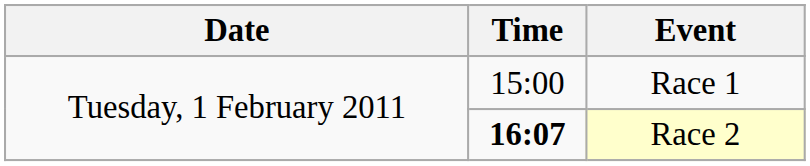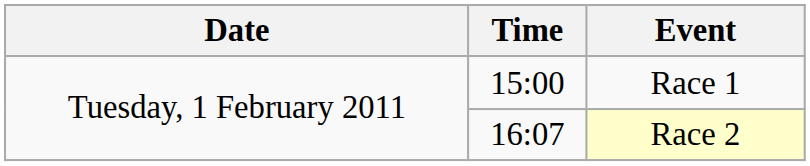 <table class = "wikitable" style="text-align:center;">
 <tr>
 <th width=220>Date</th>
 <th width=50>Time</th>
 <th width=100>Event</th>
 </tr>
 <tr>
 <td rowspan=2>Tuesday, 1 February 2011</td>
 <td>15:00</td>
 <td>Race 1</td>
 </tr>
 <tr>
-<td><strong>16:07</strong></td>
+<td>16:07</td>
 <td bgcolor=ffffcc>Race 2</td>
 </tr>
 </table>
